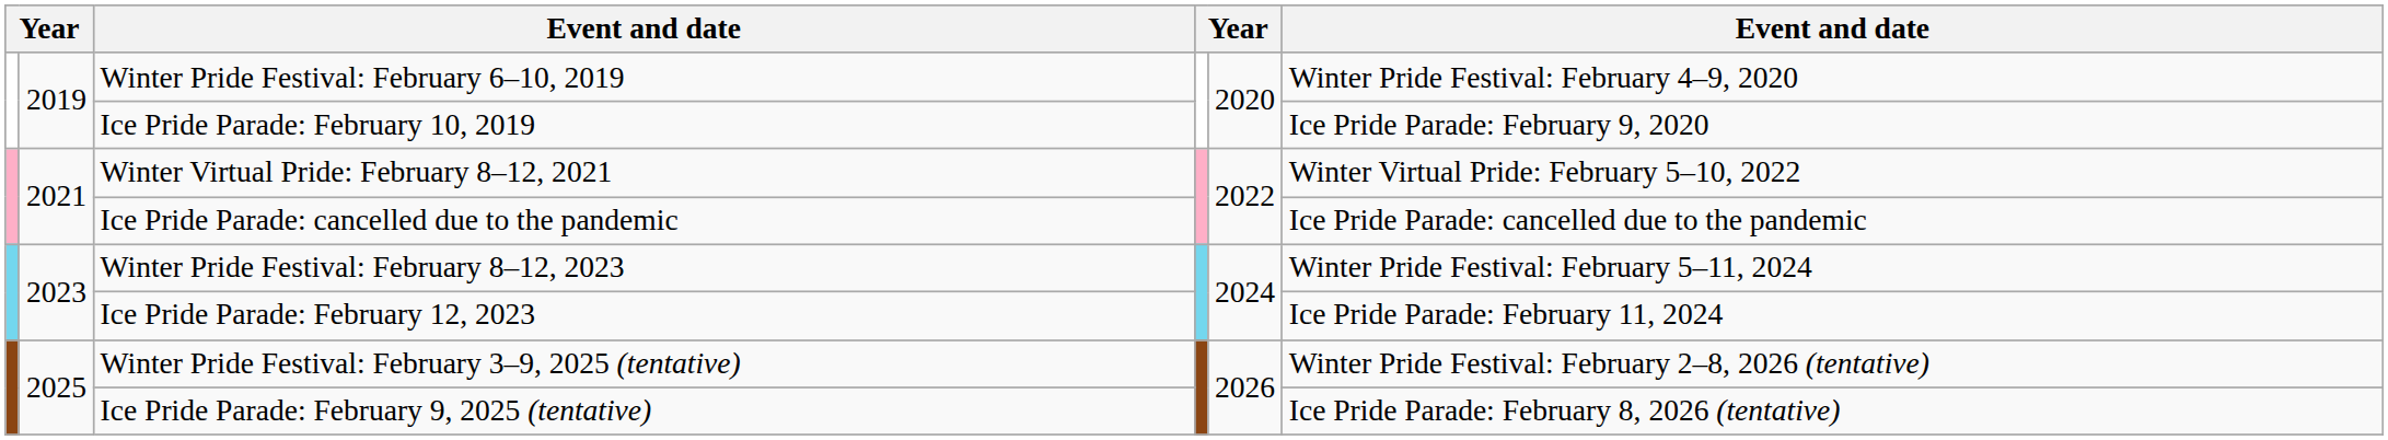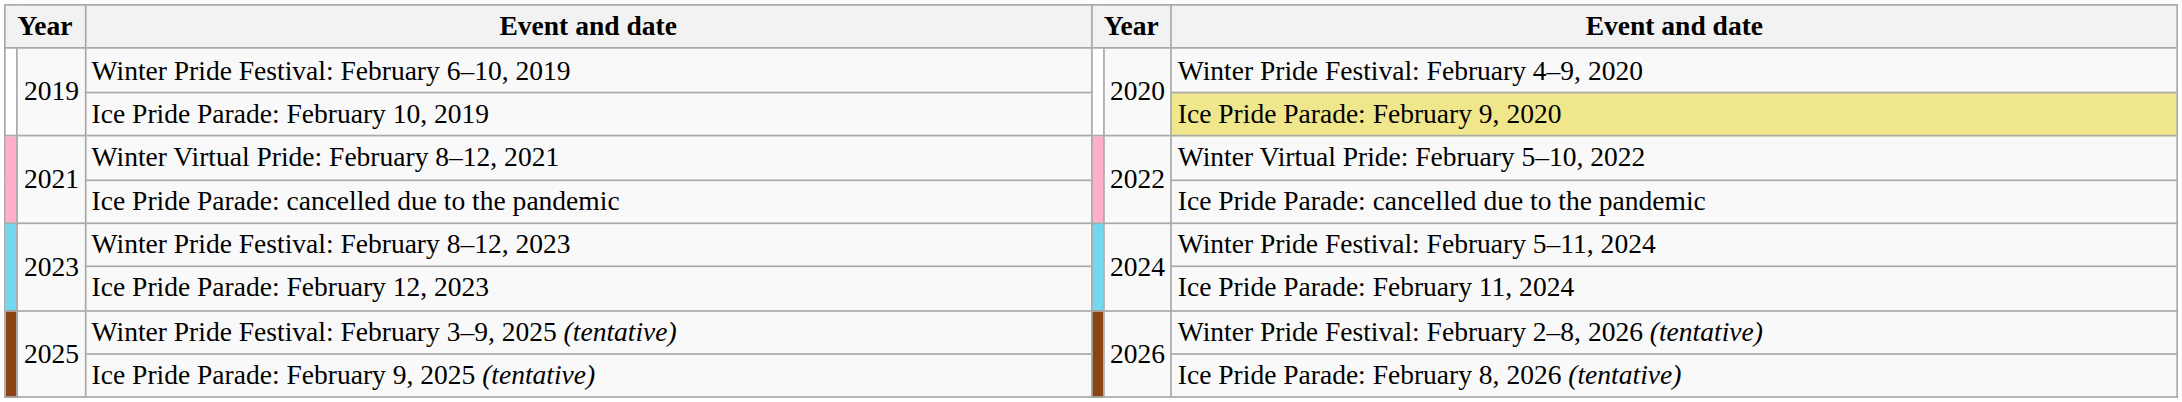 <table class="wikitable" width=100%>
 <tr>
 <th colspan="2">Year</th>
 <th width=50%>Event and date</th>
 <th colspan="2">Year</th>
 <th width=50%>Event and date</th>
 </tr>
 <tr>
 <td rowspan="2" style="background-color:#FFFFFF;"></td>
 <td rowspan="2">2019</td>
 <td>Winter Pride Festival: February 6–10, 2019</td>
 <td rowspan="2" style="background-color:#FFFFFF;"></td>
 <td rowspan="2">2020</td>
 <td>Winter Pride Festival: February 4–9, 2020</td>
 </tr>
 <tr>
 <td>Ice Pride Parade: February 10, 2019</td>
-<td>Ice Pride Parade: February 9, 2020</td>
+<td style="background: khaki;">Ice Pride Parade: February 9, 2020</td>
 </tr>
 <tr>
 <td rowspan="2" style="background-color:#FFAFC7;"></td>
 <td rowspan="2">2021</td>
 <td>Winter Virtual Pride: February 8–12, 2021</td>
 <td rowspan="2" style="background-color:#FFAFC7;"></td>
 <td rowspan="2">2022</td>
 <td>Winter Virtual Pride: February 5–10, 2022</td>
 </tr>
 <tr>
 <td>Ice Pride Parade: cancelled due to the pandemic</td>
 <td>Ice Pride Parade: cancelled due to the pandemic</td>
 </tr>
 <tr>
 <td rowspan="2" style="background-color:#73D7EE;"></td>
 <td rowspan="2">2023</td>
 <td>Winter Pride Festival: February 8–12, 2023</td>
 <td rowspan="2" style="background-color:#73D7EE;"></td>
 <td rowspan="2">2024</td>
 <td>Winter Pride Festival: February 5–11, 2024</td>
 </tr>
 <tr>
 <td>Ice Pride Parade: February 12, 2023</td>
 <td>Ice Pride Parade: February 11, 2024</td>
 </tr>
 <tr>
 <td rowspan="3" style="background-color:#8B4513;"></td>
 <td rowspan="3">2025</td>
 <td>Winter Pride Festival: February 3–9, 2025 <em>(tentative)</em></td>
 <td rowspan="3" style="background-color:#8B4513;"></td>
 <td rowspan="3">2026</td>
 <td>Winter Pride Festival: February 2–8, 2026 <em>(tentative)</em></td>
 </tr>
 <tr>
 <td>Ice Pride Parade: February 9, 2025 <em>(tentative)</em></td>
 <td>Ice Pride Parade: February 8, 2026 <em>(tentative)</em></td>
 </tr>
 </table>
